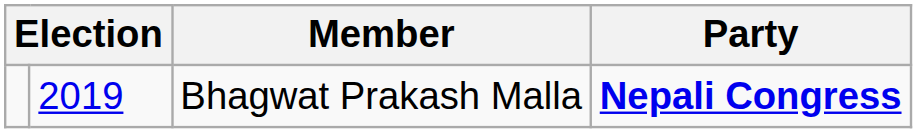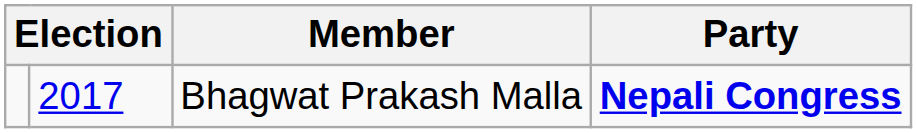 <table class="wikitable">
 <tr>
 <th colspan="2">Election</th>
 <th>Member</th>
 <th>Party</th>
 </tr>
 <tr>
 <td style="background-color:"></td>
-<td><a href='#'>2019</a></td>
+<td><a href='#'>2017</a></td>
 <td>Bhagwat Prakash Malla</td>
 <td><strong><a href='#'>Nepali Congress</a></strong></td>
 </tr>
 </table>
